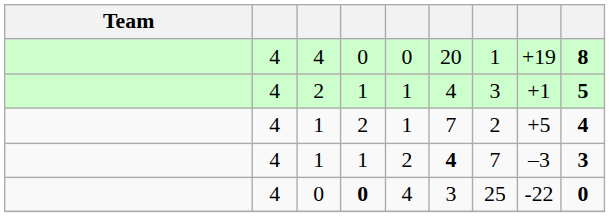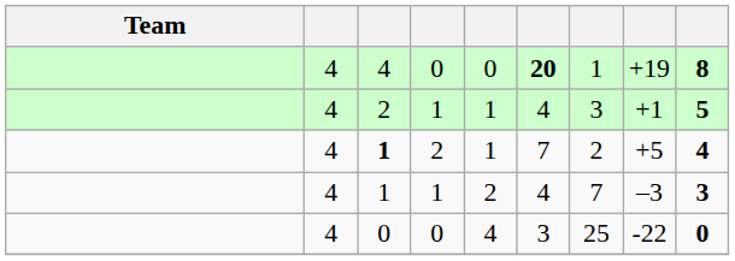 <table class="wikitable" style="text-align:center">
 <tr>
 <th width=175>Team</th>
 <th width=25></th>
 <th width=25></th>
 <th width=25></th>
 <th width=25></th>
 <th width=25></th>
 <th width=25></th>
 <th width=25></th>
 <th width=25></th>
 </tr>
 <tr align=center bgcolor=#ccffcc>
 <td style="text-align:left;"></td>
 <td>4</td>
 <td>4</td>
 <td>0</td>
 <td>0</td>
-<td>20</td>
+<td><strong>20</strong></td>
 <td>1</td>
 <td>+19</td>
 <td><strong>8</strong></td>
 </tr>
 <tr align=center bgcolor=#ccffcc>
 <td style="text-align:left;"></td>
 <td>4</td>
 <td>2</td>
 <td>1</td>
 <td>1</td>
 <td>4</td>
 <td>3</td>
 <td>+1</td>
 <td><strong>5</strong></td>
 </tr>
 <tr>
 <td style="text-align:left;"></td>
 <td>4</td>
-<td>1</td>
+<td><strong>1</strong></td>
 <td>2</td>
 <td>1</td>
 <td>7</td>
 <td>2</td>
 <td>+5</td>
 <td><strong>4</strong></td>
 </tr>
 <tr>
 <td style="text-align:left;"></td>
 <td>4</td>
 <td>1</td>
 <td>1</td>
 <td>2</td>
-<td><strong>4</strong></td>
+<td>4</td>
 <td>7</td>
 <td>–3</td>
 <td><strong>3</strong></td>
 </tr>
 <tr>
 <td style="text-align:left;"></td>
 <td>4</td>
 <td>0</td>
-<td><strong>0</strong></td>
+<td>0</td>
 <td>4</td>
 <td>3</td>
 <td>25</td>
 <td>-22</td>
 <td><strong>0</strong></td>
 </tr>
 <tr>
 </tr>
 </table>
